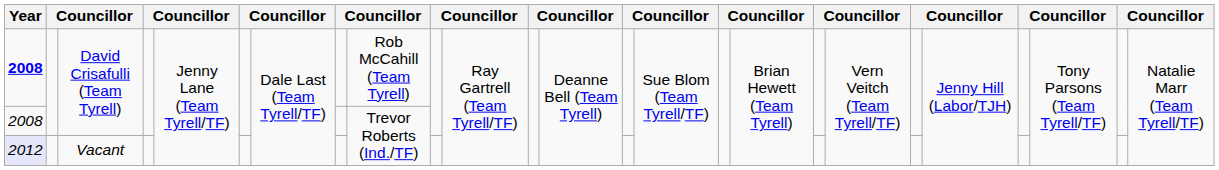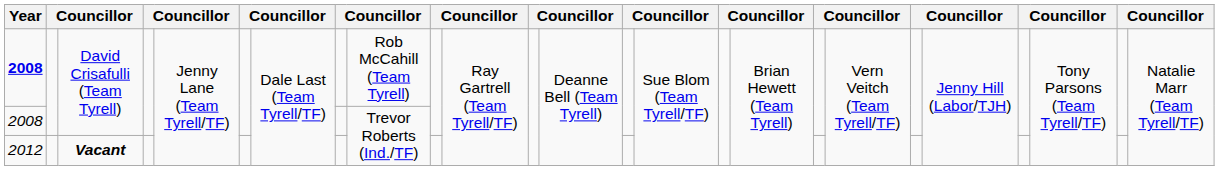 <table class="wikitable">
 <tr>
 <th>Year</th>
 <th colspan="2">Councillor</th>
 <th colspan="2">Councillor</th>
 <th colspan="2">Councillor</th>
 <th colspan="2">Councillor</th>
 <th colspan="2">Councillor</th>
 <th colspan="2">Councillor</th>
 <th colspan="2">Councillor</th>
 <th colspan="2">Councillor</th>
 <th colspan="2">Councillor</th>
 <th colspan="2">Councillor</th>
 <th colspan="2">Councillor</th>
 <th colspan="2">Councillor</th>
 </tr>
 <tr>
 <td align="center"><strong><a href='#'>2008</a></strong></td>
 <td rowspan="2" width="1px" > </td>
 <td rowspan="2"; align="center"><a href='#'>David Crisafulli</a> (<a href='#'>Team Tyrell</a>)</td>
 <td rowspan="2" width="1px" > </td>
 <td rowspan="3"; align="center">Jenny Lane (<a href='#'>Team Tyrell</a>/<a href='#'>TF</a>)</td>
 <td rowspan="2" width="1px" > </td>
 <td rowspan="3"; align="center">Dale Last (<a href='#'>Team Tyrell</a>/<a href='#'>TF</a>)</td>
 <td rowspan="1" width="1px" > </td>
 <td rowspan="1"; align="center">Rob McCahill (<a href='#'>Team Tyrell</a>)</td>
 <td rowspan="2" width="1px" > </td>
 <td rowspan="3"; align="center">Ray Gartrell (<a href='#'>Team Tyrell</a>/<a href='#'>TF</a>)</td>
 <td rowspan="3" width="1px" > </td>
 <td rowspan="3"; align="center">Deanne Bell (<a href='#'>Team Tyrell</a>)</td>
 <td rowspan="2" width="1px" > </td>
 <td rowspan="3"; align="center">Sue Blom (<a href='#'>Team Tyrell</a>/<a href='#'>TF</a>)</td>
 <td rowspan="3" width="1px" > </td>
 <td rowspan="3"; align="center">Brian Hewett (<a href='#'>Team Tyrell</a>)</td>
 <td rowspan="2" width="1px" > </td>
 <td rowspan="3"; align="center">Vern Veitch (<a href='#'>Team Tyrell</a>/<a href='#'>TF</a>)</td>
 <td rowspan="2" width="1px" > </td>
 <td rowspan="3"; align="center"><a href='#'>Jenny Hill</a> (<a href='#'>Labor</a>/<a href='#'>TJH</a>)</td>
 <td rowspan="2" width="1px" > </td>
 <td rowspan="3"; align="center">Tony Parsons (<a href='#'>Team Tyrell</a>/<a href='#'>TF</a>)</td>
 <td rowspan="2" width="1px" > </td>
 <td rowspan="3"; align="center">Natalie Marr (<a href='#'>Team Tyrell</a>/<a href='#'>TF</a>)</td>
 </tr>
 <tr>
 <td><em>2008</em></td>
 <td rowspan="1" width="1px" > </td>
 <td rowspan="2"; align="center">Trevor Roberts (<a href='#'>Ind.</a>/<a href='#'>TF</a>)</td>
 </tr>
 <tr>
-<td style="background: lavender;"><em>2012</em></td>
+<td><em>2012</em></td>
 <td rowspan="1" width="1px" > </td>
-<td rowspan="1"; align="center"><em>Vacant</em></td>
+<td rowspan="1"; align="center"><strong><em>Vacant</em></strong></td>
 <td rowspan="1" width="1px" > </td>
 <td rowspan="1" width="1px" > </td>
 <td rowspan="1" width="1px" > </td>
 <td rowspan="1" width="1px" > </td>
 <td rowspan="1" width="1px" > </td>
 <td rowspan="1" width="1px" > </td>
 <td rowspan="1" width="1px" > </td>
 <td rowspan="1" width="1px" > </td>
 <td rowspan="1" width="1px" > </td>
 </tr>
 </table>
